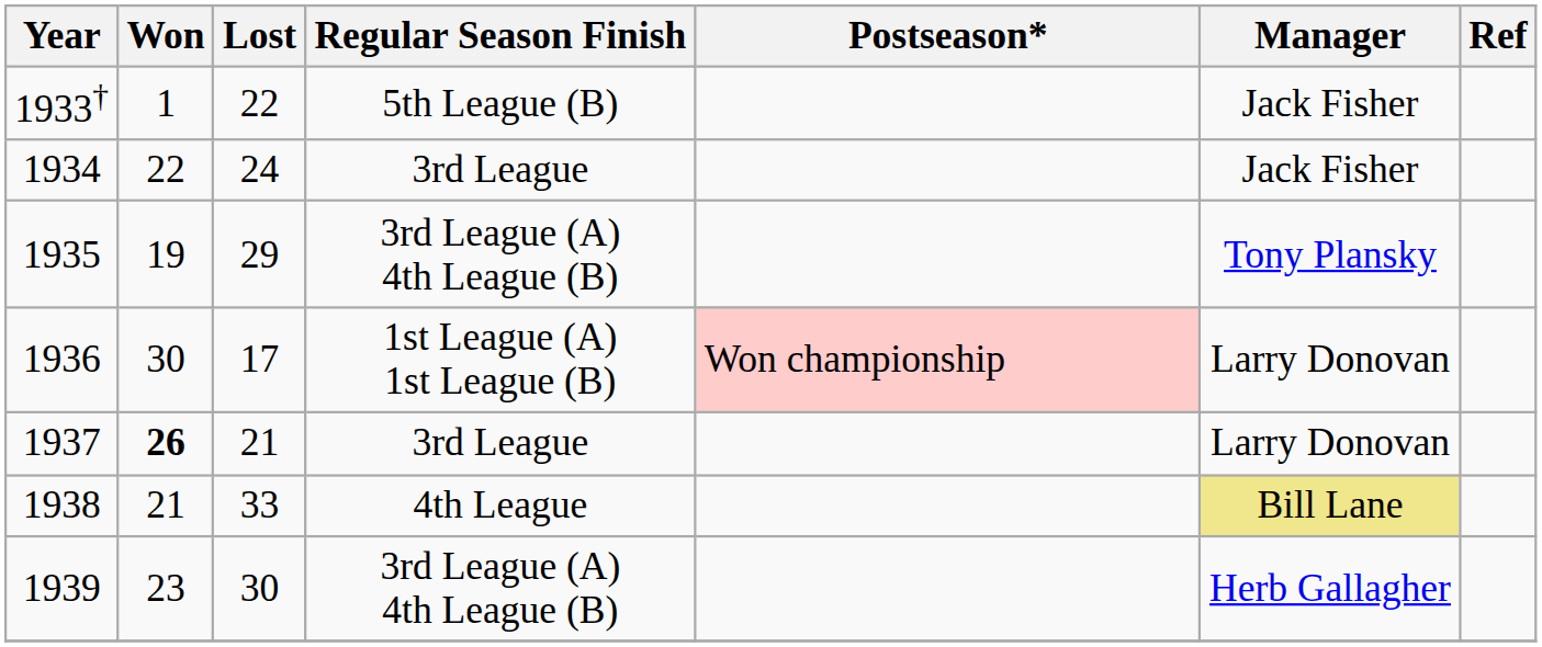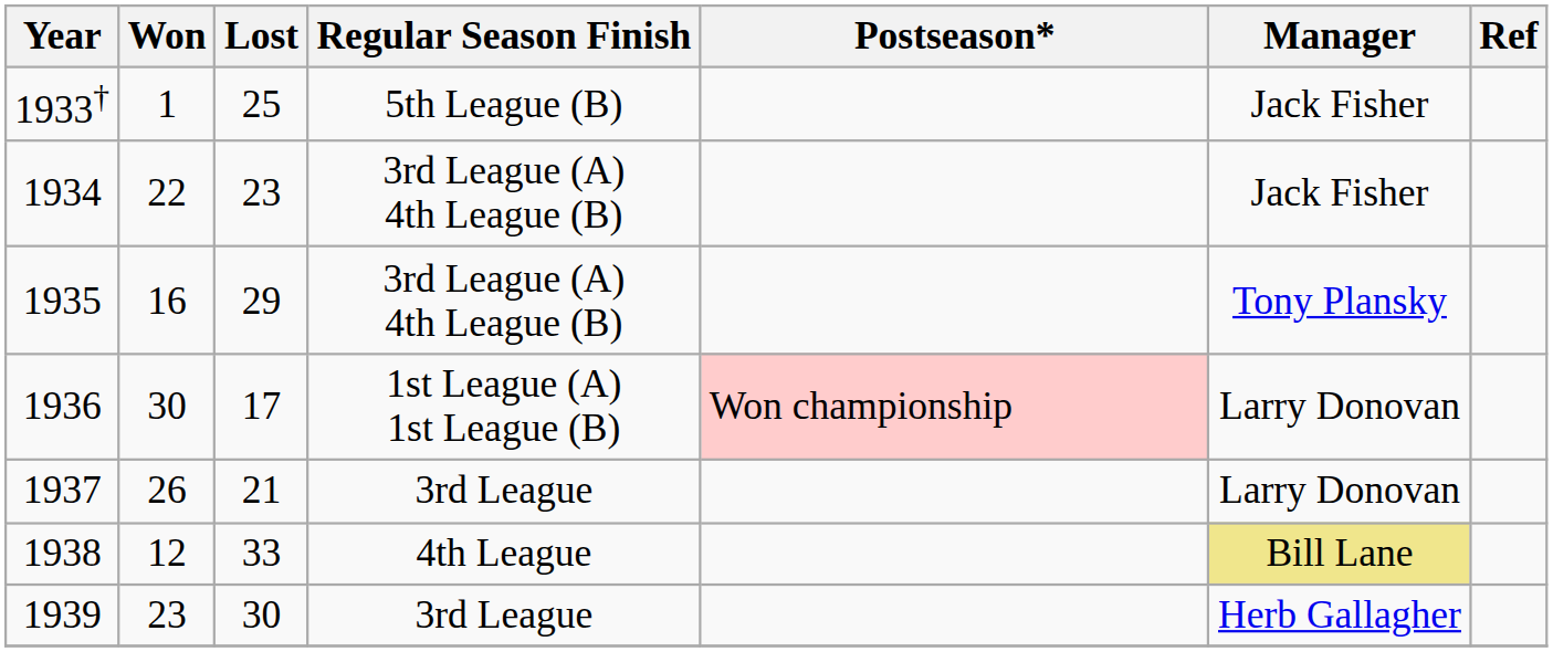 <table class="wikitable" style="text-align:center">
 <tr>
 <th>Year</th>
 <th>Won</th>
 <th>Lost</th>
 <th>Regular Season Finish</th>
 <th scope="col" style="width: 200px; ">Postseason*</th>
 <th>Manager</th>
 <th>Ref</th>
 </tr>
 <tr>
 <td>1933<sup>†</sup></td>
 <td>1</td>
-<td>22</td>
+<td>25</td>
 <td>5th League (B)</td>
 <td></td>
 <td>Jack Fisher</td>
 <td><br></td>
 </tr>
 <tr>
 <td>1934</td>
 <td>22</td>
-<td>24</td>
-<td>3rd League</td>
+<td>23</td>
+<td>3rd League (A)<br>4th League (B)</td>
 <td></td>
 <td>Jack Fisher</td>
 <td></td>
 </tr>
 <tr>
 <td>1935</td>
-<td>19</td>
+<td>16</td>
 <td>29</td>
 <td>3rd League (A)<br>4th League (B)</td>
 <td></td>
 <td><a href='#'>Tony Plansky</a></td>
 <td><br></td>
 </tr>
 <tr>
 <td>1936</td>
 <td>30</td>
 <td>17</td>
 <td>1st League (A)<br>1st League (B)</td>
 <td style="text-align:left" bgcolor=#ffcccc>Won championship</td>
 <td>Larry Donovan</td>
 <td></td>
 </tr>
 <tr>
 <td>1937</td>
-<td><strong>26</strong></td>
+<td>26</td>
 <td>21</td>
 <td>3rd League</td>
 <td></td>
 <td>Larry Donovan</td>
 <td></td>
 </tr>
 <tr>
 <td>1938</td>
-<td>21</td>
+<td>12</td>
 <td>33</td>
 <td>4th League</td>
 <td></td>
 <td style="background: khaki;">Bill Lane</td>
 <td></td>
 </tr>
 <tr>
 <td>1939</td>
 <td>23</td>
 <td>30</td>
-<td>3rd League (A)<br>4th League (B)</td>
+<td>3rd League</td>
 <td></td>
 <td><a href='#'>Herb Gallagher</a></td>
 <td></td>
 </tr>
 <tr>
 </tr>
 </table>
